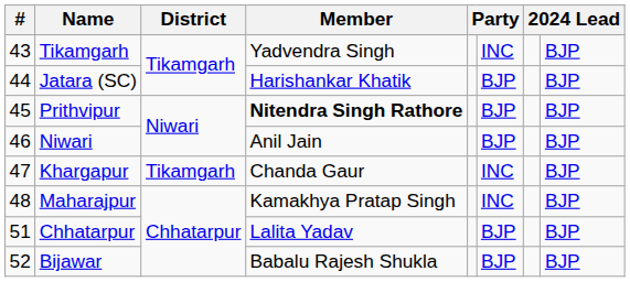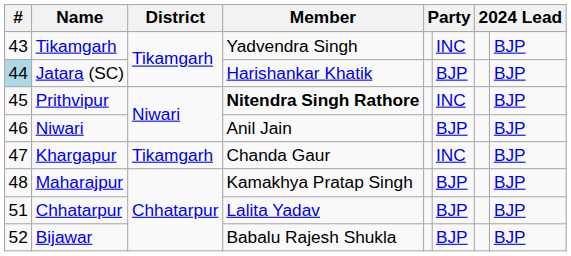 <table class="wikitable">
 <tr>
 <th>#</th>
 <th>Name</th>
 <th>District</th>
 <th>Member</th>
 <th colspan="2">Party</th>
 <th colspan="2">2024 Lead</th>
 </tr>
 <tr>
 <td>43</td>
 <td><a href='#'>Tikamgarh</a></td>
 <td rowspan="2"><a href='#'>Tikamgarh</a></td>
 <td>Yadvendra Singh</td>
 <td style="background-color: "></td>
 <td><a href='#'>INC</a></td>
 <td style="background-color: "></td>
 <td><a href='#'>BJP</a></td>
 </tr>
 <tr>
-<td>44</td>
+<td style="background: lightblue;">44</td>
 <td><a href='#'>Jatara</a> (SC)</td>
 <td><a href='#'>Harishankar Khatik</a></td>
 <td style="background-color: "></td>
 <td><a href='#'>BJP</a></td>
 <td style="background-color: "></td>
 <td><a href='#'>BJP</a></td>
 </tr>
 <tr>
 <td>45</td>
 <td><a href='#'>Prithvipur</a></td>
 <td rowspan="2"><a href='#'>Niwari</a></td>
 <td><strong>Nitendra Singh Rathore</strong></td>
 <td style="background-color: "></td>
-<td><a href='#'>BJP</a></td>
+<td><a href='#'>INC</a></td>
 <td style="background-color: "></td>
 <td><a href='#'>BJP</a></td>
 </tr>
 <tr>
 <td>46</td>
 <td><a href='#'>Niwari</a></td>
 <td>Anil Jain</td>
 <td style="background-color: "></td>
 <td><a href='#'>BJP</a></td>
 <td style="background-color: "></td>
 <td><a href='#'>BJP</a></td>
 </tr>
 <tr>
 <td>47</td>
 <td><a href='#'>Khargapur</a></td>
 <td><a href='#'>Tikamgarh</a></td>
 <td>Chanda Gaur</td>
 <td style="background-color: "></td>
 <td><a href='#'>INC</a></td>
 <td style="background-color: "></td>
 <td><a href='#'>BJP</a></td>
 </tr>
 <tr>
 <td>48</td>
 <td><a href='#'>Maharajpur</a></td>
 <td rowspan="3"><a href='#'>Chhatarpur</a></td>
 <td>Kamakhya Pratap Singh</td>
 <td style="background-color: "></td>
-<td><a href='#'>INC</a></td>
+<td><a href='#'>BJP</a></td>
 <td style="background-color: "></td>
 <td><a href='#'>BJP</a></td>
 </tr>
 <tr>
 <td>51</td>
 <td><a href='#'>Chhatarpur</a></td>
 <td><a href='#'>Lalita Yadav</a></td>
 <td style="background-color: "></td>
 <td><a href='#'>BJP</a></td>
 <td style="background-color: "></td>
 <td><a href='#'>BJP</a></td>
 </tr>
 <tr>
 <td>52</td>
 <td><a href='#'>Bijawar</a></td>
 <td>Babalu Rajesh Shukla</td>
 <td style="background-color: "></td>
 <td><a href='#'>BJP</a></td>
 <td style="background-color: "></td>
 <td><a href='#'>BJP</a></td>
 </tr>
 </table>
